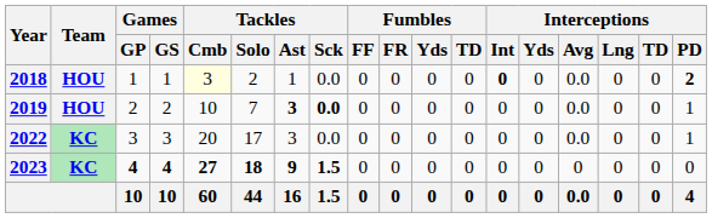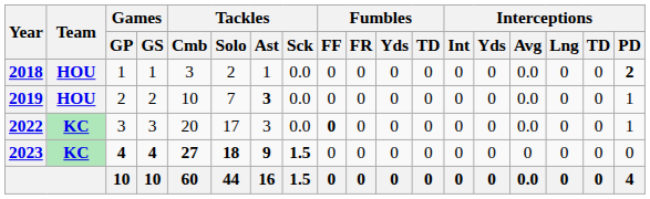 <table class="wikitable" style="text-align:center">
 <tr>
 <th rowspan="2">Year</th>
 <th rowspan="2">Team</th>
 <th colspan="2">Games</th>
 <th colspan="4">Tackles</th>
 <th colspan="4">Fumbles</th>
 <th colspan="6">Interceptions</th>
 </tr>
 <tr>
 <th>GP</th>
 <th>GS</th>
 <th>Cmb</th>
 <th>Solo</th>
 <th>Ast</th>
 <th>Sck</th>
 <th>FF</th>
 <th>FR</th>
 <th>Yds</th>
 <th>TD</th>
 <th>Int</th>
 <th>Yds</th>
 <th>Avg</th>
 <th>Lng</th>
 <th>TD</th>
 <th>PD</th>
 </tr>
 <tr>
 <th><a href='#'>2018</a></th>
 <th><a href='#'>HOU</a></th>
 <td>1</td>
 <td>1</td>
-<td style="background: lightyellow;">3</td>
+<td>3</td>
 <td>2</td>
 <td>1</td>
 <td>0.0</td>
 <td>0</td>
 <td>0</td>
 <td>0</td>
 <td>0</td>
-<td><strong>0</strong></td>
+<td>0</td>
 <td>0</td>
 <td>0.0</td>
 <td>0</td>
 <td>0</td>
 <td><strong>2</strong></td>
 </tr>
 <tr>
 <th><a href='#'>2019</a></th>
 <th><a href='#'>HOU</a></th>
 <td>2</td>
 <td>2</td>
 <td>10</td>
 <td>7</td>
 <td><strong>3</strong></td>
-<td><strong>0.0</strong></td>
+<td>0.0</td>
 <td>0</td>
 <td>0</td>
 <td>0</td>
 <td>0</td>
 <td>0</td>
 <td>0</td>
 <td>0.0</td>
 <td>0</td>
 <td>0</td>
 <td>1</td>
 </tr>
 <tr>
 <th><a href='#'>2022</a></th>
 <th style="background:#afe6ba; width:3em;"><a href='#'>KC</a></th>
 <td>3</td>
 <td>3</td>
 <td>20</td>
 <td>17</td>
 <td>3</td>
 <td>0.0</td>
-<td>0</td>
+<td><strong>0</strong></td>
 <td>0</td>
 <td>0</td>
 <td>0</td>
 <td>0</td>
 <td>0</td>
 <td>0.0</td>
 <td>0</td>
 <td>0</td>
 <td>1</td>
 </tr>
 <tr>
 <th><a href='#'>2023</a></th>
 <th style="background:#afe6ba; width:3em;"><a href='#'>KC</a></th>
 <td><strong>4</strong></td>
 <td><strong>4</strong></td>
 <td><strong>27</strong></td>
 <td><strong>18</strong></td>
 <td><strong>9</strong></td>
 <td><strong>1.5</strong></td>
 <td>0</td>
 <td>0</td>
 <td>0</td>
 <td>0</td>
 <td>0</td>
 <td>0</td>
 <td>0</td>
 <td>0</td>
 <td>0</td>
 <td>0</td>
 </tr>
 <tr>
 <th colspan="2"></th>
 <th>10</th>
 <th>10</th>
 <th>60</th>
 <th>44</th>
 <th>16</th>
 <th>1.5</th>
 <th>0</th>
 <th>0</th>
 <th>0</th>
 <th>0</th>
 <th>0</th>
 <th>0</th>
 <th>0.0</th>
 <th>0</th>
 <th>0</th>
 <th>4</th>
 </tr>
 </table>
